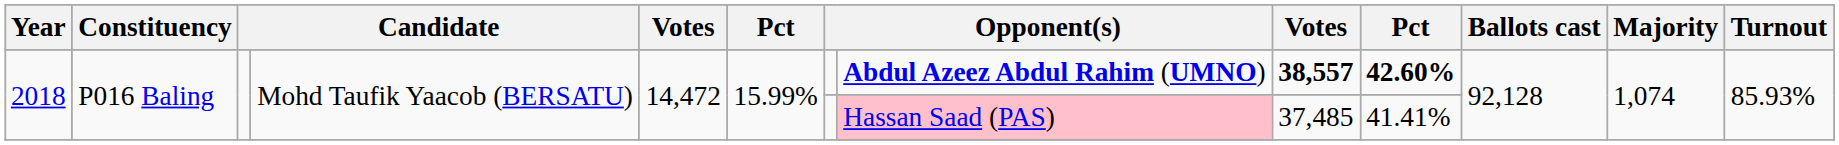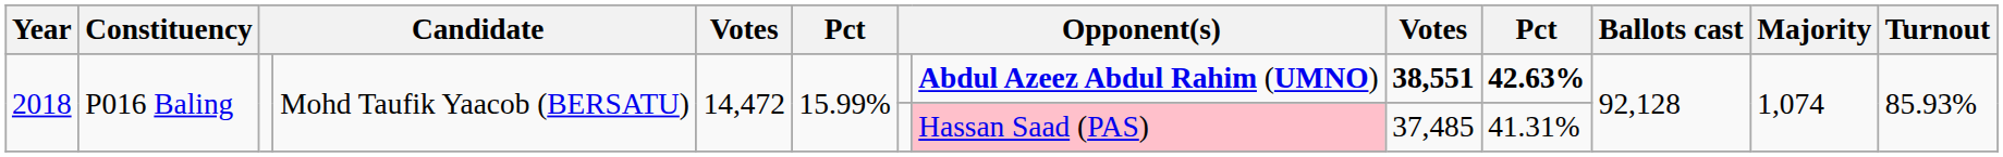 <table class=wikitable style="margin:0.5em ; font-size:95%">
 <tr>
 <th>Year</th>
 <th>Constituency</th>
 <th colspan=2>Candidate</th>
 <th>Votes</th>
 <th>Pct</th>
 <th colspan=2>Opponent(s)</th>
 <th>Votes</th>
 <th>Pct</th>
 <th>Ballots cast</th>
 <th>Majority</th>
 <th>Turnout</th>
 </tr>
 <tr>
 <td rowspan=2><a href='#'>2018</a></td>
 <td rowspan=2>P016 <a href='#'>Baling</a></td>
 <td rowspan=2 ></td>
 <td rowspan=2>Mohd Taufik Yaacob (<a href='#'>BERSATU</a>)</td>
 <td rowspan=2 align=right>14,472</td>
 <td rowspan=2>15.99%</td>
 <td></td>
 <td><strong><a href='#'>Abdul Azeez Abdul Rahim</a></strong> (<a href='#'><strong>UMNO</strong></a>)</td>
-<td align=right><strong>38,557</strong></td>
-<td><strong>42.60%</strong></td>
+<td align=right><strong>38,551</strong></td>
+<td><strong>42.63%</strong></td>
 <td rowspan=2>92,128</td>
 <td rowspan=2>1,074</td>
 <td rowspan=2>85.93%</td>
 </tr>
 <tr>
 <td></td>
 <td style="background: pink;"><a href='#'>Hassan Saad</a> (<a href='#'>PAS</a>)</td>
 <td align=right>37,485</td>
-<td>41.41%</td>
+<td>41.31%</td>
 </tr>
 </table>
